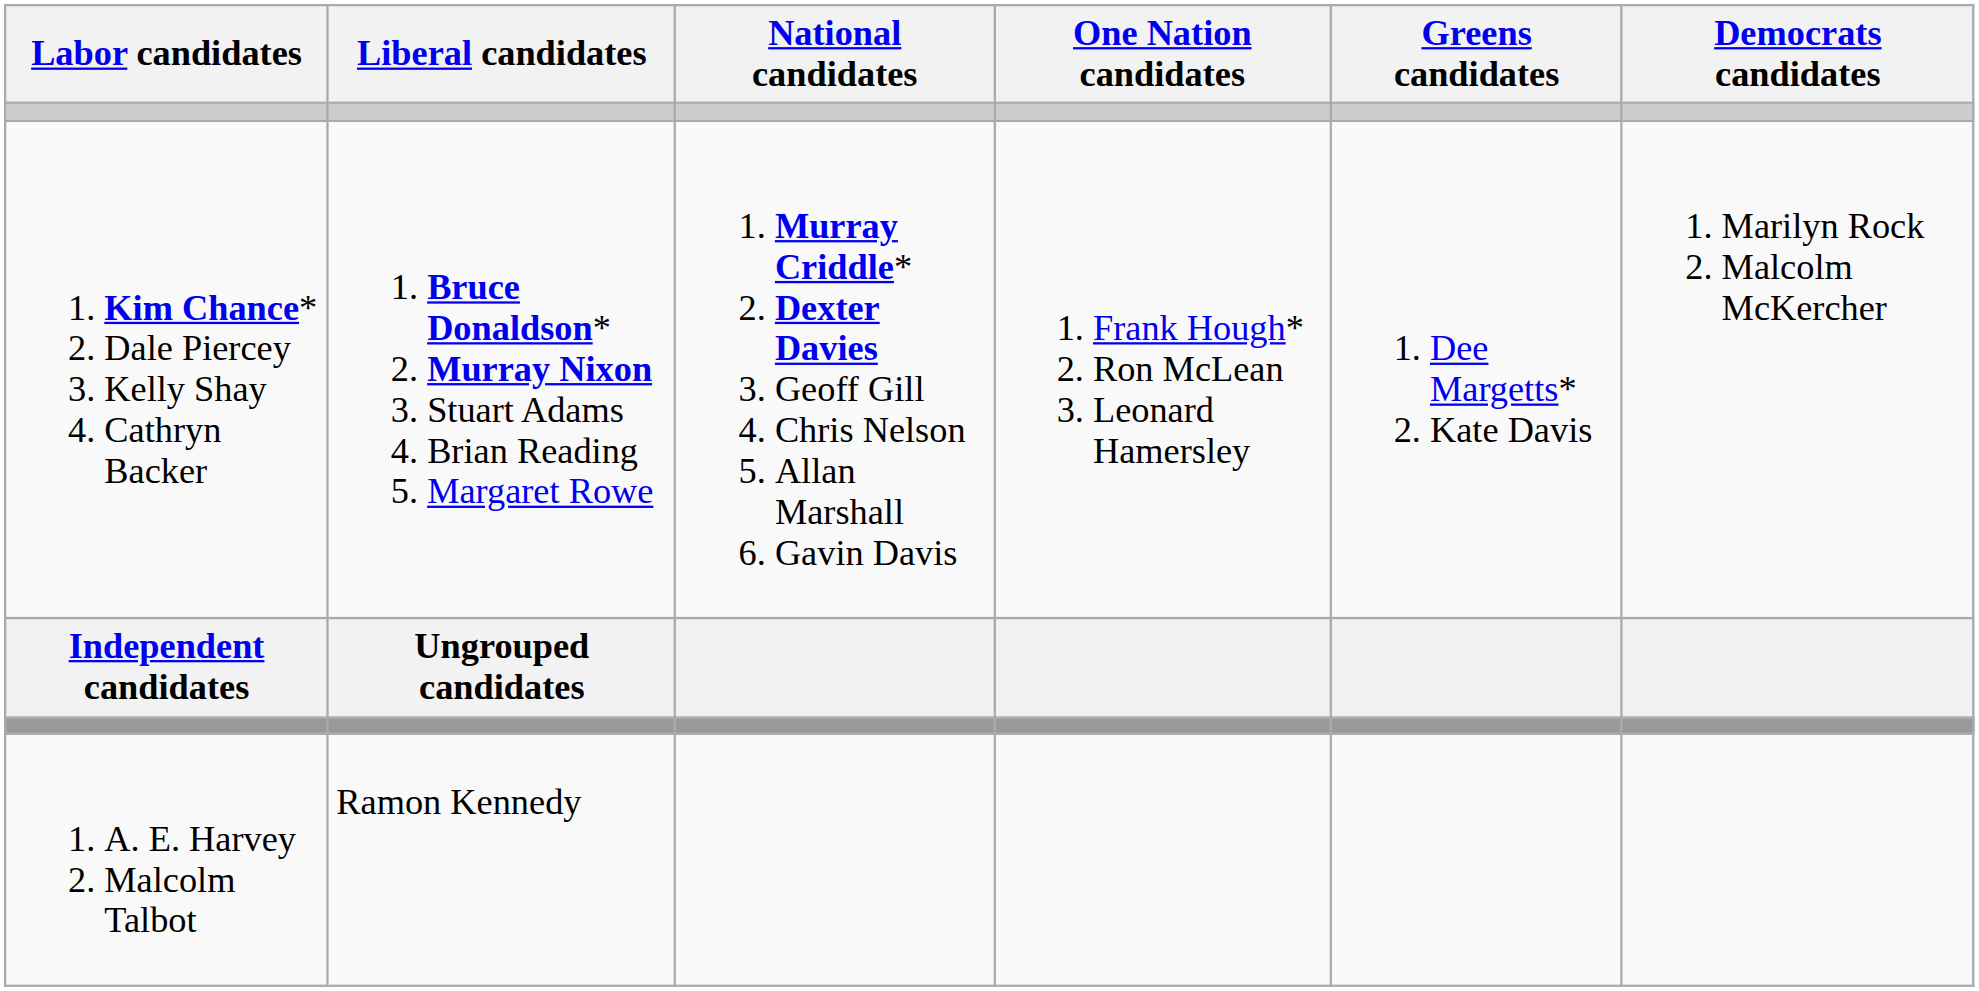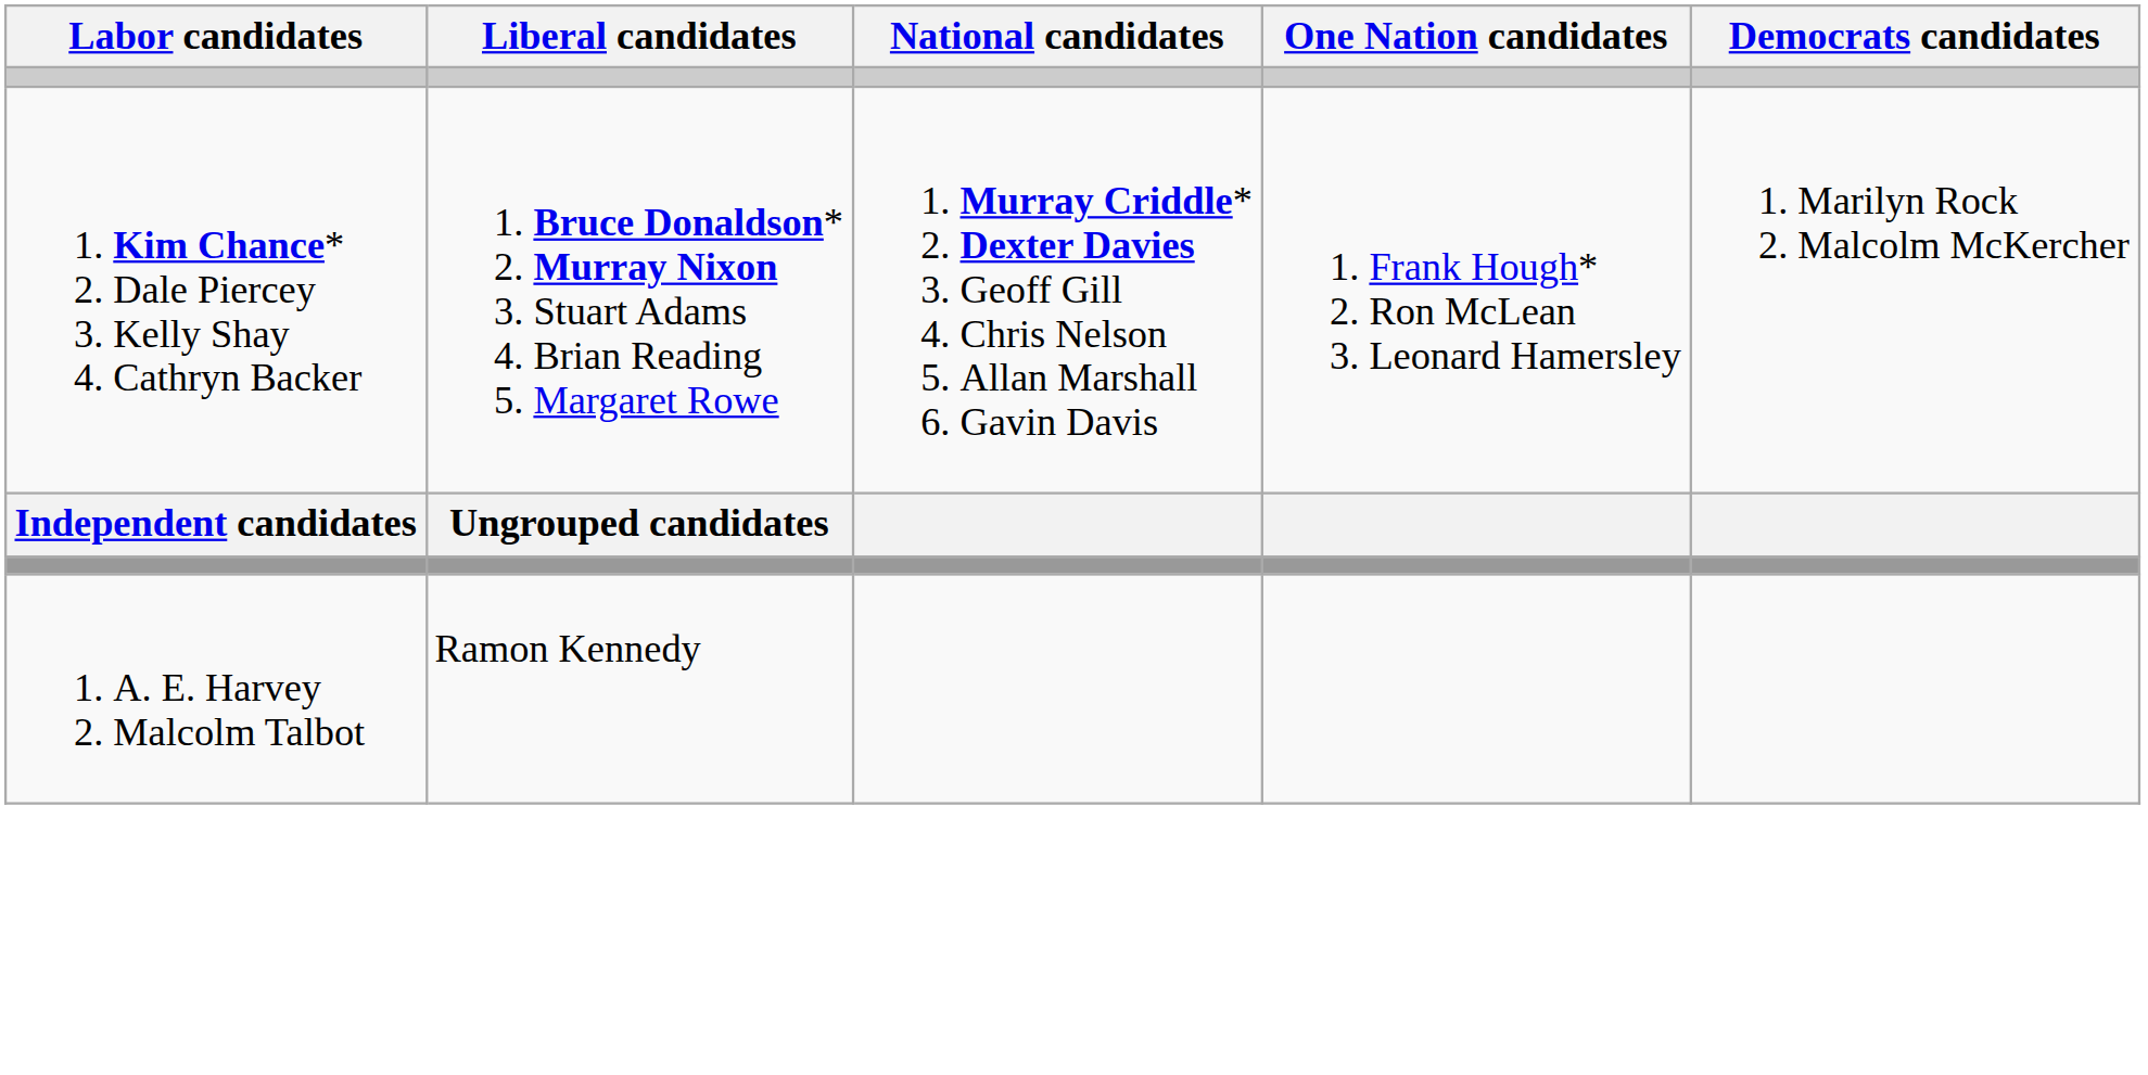 <table class="wikitable">
 <tr>
 <th><a href='#'>Labor</a> candidates</th>
 <th><a href='#'>Liberal</a> candidates</th>
 <th><a href='#'>National</a> candidates</th>
 <th><a href='#'>One Nation</a> candidates</th>
-<th><a href='#'>Greens</a> candidates</th>
 <th><a href='#'>Democrats</a> candidates</th>
 </tr>
 <tr bgcolor="#cccccc">
-<td></td>
 <td></td>
 <td></td>
 <td></td>
 <td></td>
 <td></td>
 </tr>
 <tr>
 <td><br><ol><li><strong><a href='#'>Kim Chance</a></strong>*</li><li>Dale Piercey</li><li>Kelly Shay</li><li>Cathryn Backer</li></ol></td>
 <td><br><ol><li><strong><a href='#'>Bruce Donaldson</a></strong>*</li><li><strong><a href='#'>Murray Nixon</a></strong></li><li>Stuart Adams</li><li>Brian Reading</li><li><a href='#'>Margaret Rowe</a></li></ol></td>
 <td><br><ol><li><strong><a href='#'>Murray Criddle</a></strong>*</li><li><strong><a href='#'>Dexter Davies</a></strong></li><li>Geoff Gill</li><li>Chris Nelson</li><li>Allan Marshall</li><li>Gavin Davis</li></ol></td>
 <td><br><ol><li><a href='#'>Frank Hough</a>*</li><li>Ron McLean</li><li>Leonard Hamersley</li></ol></td>
-<td><br><ol><li><a href='#'>Dee Margetts</a>*</li><li>Kate Davis</li></ol></td>
 <td valign=top><br><ol><li>Marilyn Rock</li><li>Malcolm McKercher</li></ol></td>
 </tr>
 <tr bgcolor="#cccccc">
 <th><a href='#'>Independent</a> candidates</th>
 <th>Ungrouped candidates</th>
 <th></th>
 <th></th>
 <th></th>
-<th></th>
 </tr>
 <tr bgcolor="#999999">
-<td bgcolor="#999999"></td>
 <td bgcolor="#999999"></td>
 <td bgcolor="#999999"></td>
 <td bgcolor="#999999"></td>
 <td bgcolor="#999999"></td>
 <td bgcolor="#999999"></td>
 </tr>
 <tr>
 <td valign=top><br><ol><li>A. E. Harvey</li><li>Malcolm Talbot</li></ol></td>
 <td valign=top><br>Ramon Kennedy</td>
 <td valign=top></td>
 <td valign=top></td>
 <td valign=top></td>
-<td valign=top></td>
 </tr>
 </table>
